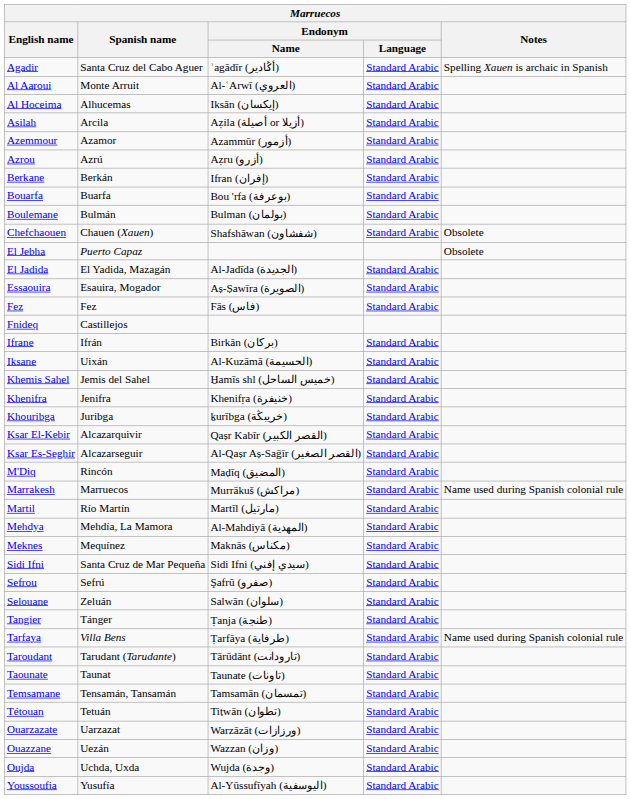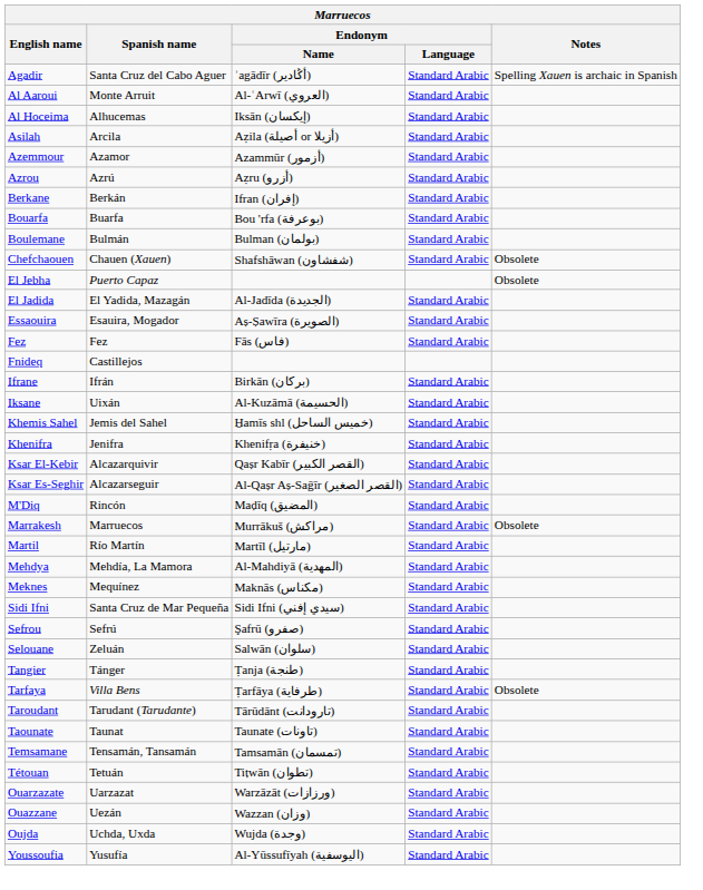 <table class="wikitable sortable">
 <tr>
 <th colspan="5"> <em>Marruecos</em></th>
 </tr>
 <tr>
 <th rowspan="2">English name</th>
 <th rowspan="2">Spanish name</th>
 <th colspan="2">Endonym</th>
 <th rowspan="2">Notes</th>
 </tr>
 <tr>
 <th>Name</th>
 <th>Language</th>
 </tr>
 <tr>
 <td><a href='#'>Agadir</a></td>
 <td>Santa Cruz del Cabo Aguer</td>
 <td>ʾagādīr (أݣادير)</td>
 <td><a href='#'>Standard Arabic</a></td>
 <td>Spelling <em>Xauen</em> is archaic in Spanish</td>
 </tr>
 <tr>
 <td><a href='#'>Al Aaroui</a></td>
 <td>Monte Arruit</td>
 <td>Al-ʿArwī (العروي)</td>
 <td><a href='#'>Standard Arabic</a></td>
 <td></td>
 </tr>
 <tr>
 <td><a href='#'>Al Hoceima</a></td>
 <td>Alhucemas</td>
 <td>Iksān (إيكسان)</td>
 <td><a href='#'>Standard Arabic</a></td>
 <td></td>
 </tr>
 <tr>
 <td><a href='#'>Asilah</a></td>
 <td>Arcila</td>
 <td>Aẓila (أصيلة‎ or أزيلا)</td>
 <td><a href='#'>Standard Arabic</a></td>
 <td></td>
 </tr>
 <tr>
 <td><a href='#'>Azemmour</a></td>
 <td>Azamor</td>
 <td>Azammūr (أزمور)</td>
 <td><a href='#'>Standard Arabic</a></td>
 <td></td>
 </tr>
 <tr>
 <td><a href='#'>Azrou</a></td>
 <td>Azrú</td>
 <td>Aẓru (أزرو)</td>
 <td><a href='#'>Standard Arabic</a></td>
 <td></td>
 </tr>
 <tr>
 <td><a href='#'>Berkane</a></td>
 <td>Berkán</td>
 <td>Ifran (إفران)</td>
 <td><a href='#'>Standard Arabic</a></td>
 <td></td>
 </tr>
 <tr>
 <td><a href='#'>Bouarfa</a></td>
 <td>Buarfa</td>
 <td>Bou 'rfa (بوعرفة)</td>
 <td><a href='#'>Standard Arabic</a></td>
 <td></td>
 </tr>
 <tr>
 <td><a href='#'>Boulemane</a></td>
 <td>Bulmán</td>
 <td>Bulman (بولمان)</td>
 <td><a href='#'>Standard Arabic</a></td>
 <td></td>
 </tr>
 <tr>
 <td><a href='#'>Chefchaouen</a></td>
 <td>Chauen (<em>Xauen</em>)</td>
 <td>Shafshāwan (شفشاون‎)</td>
 <td><a href='#'>Standard Arabic</a></td>
 <td>Obsolete</td>
 </tr>
 <tr>
 <td><a href='#'>El Jebha</a></td>
 <td><em>Puerto Capaz</em></td>
 <td></td>
 <td></td>
 <td>Obsolete</td>
 </tr>
 <tr>
 <td><a href='#'>El Jadida</a></td>
 <td>El Yadida, Mazagán</td>
 <td>Al-Jadīda (الجديدة)</td>
 <td><a href='#'>Standard Arabic</a></td>
 <td></td>
 </tr>
 <tr>
 <td><a href='#'>Essaouira</a></td>
 <td>Esauira, Mogador</td>
 <td>Aṣ-Ṣawīra (الصويرة)</td>
 <td><a href='#'>Standard Arabic</a></td>
 <td></td>
 </tr>
 <tr>
 <td><a href='#'>Fez</a></td>
 <td>Fez</td>
 <td>Fās (فاس‎)</td>
 <td><a href='#'>Standard Arabic</a></td>
 <td></td>
 </tr>
 <tr>
 <td><a href='#'>Fnideq</a></td>
 <td>Castillejos</td>
 <td></td>
 <td></td>
 <td></td>
 </tr>
 <tr>
 <td><a href='#'>Ifrane</a></td>
 <td>Ifrán</td>
 <td>Birkān (بركان)</td>
 <td><a href='#'>Standard Arabic</a></td>
 <td></td>
 </tr>
 <tr>
 <td><a href='#'>Iksane</a></td>
 <td>Uixán</td>
 <td>Al-Kuzāmā (الحسيمة)</td>
 <td><a href='#'>Standard Arabic</a></td>
 <td></td>
 </tr>
 <tr>
 <td><a href='#'>Khemis Sahel</a></td>
 <td>Jemis del Sahel</td>
 <td>H̱amīs shl (خميس الساحل)</td>
 <td><a href='#'>Standard Arabic</a></td>
 <td></td>
 </tr>
 <tr>
 <td><a href='#'>Khenifra</a></td>
 <td>Jenifra</td>
 <td>Khenifṛa (خنيفرة)</td>
 <td><a href='#'>Standard Arabic</a></td>
 <td></td>
 </tr>
 <tr>
-<td><a href='#'>Khouribga</a></td>
-<td>Juribga</td>
-<td>ḵurībga (خريبڭة)</td>
-<td><a href='#'>Standard Arabic</a></td>
-<td></td>
-</tr>
-<tr>
 <td><a href='#'>Ksar El-Kebir</a></td>
 <td>Alcazarquivir</td>
 <td>Qaṣr Kabīr (القصر الكبير)</td>
 <td><a href='#'>Standard Arabic</a></td>
 <td></td>
 </tr>
 <tr>
 <td><a href='#'>Ksar Es-Seghir</a></td>
 <td>Alcazarseguir</td>
 <td>Al-Qaṣr Aṣ-Saḡīr (القصر الصغير)</td>
 <td><a href='#'>Standard Arabic</a></td>
 <td></td>
 </tr>
 <tr>
 <td><a href='#'>M'Diq</a></td>
 <td>Rincón</td>
 <td>Maḍīq (المضيق‎)</td>
 <td><a href='#'>Standard Arabic</a></td>
 <td></td>
 </tr>
 <tr>
 <td><a href='#'>Marrakesh</a></td>
 <td>Marruecos</td>
 <td>Murrākuš (مراكش)</td>
 <td><a href='#'>Standard Arabic</a></td>
-<td>Name used during Spanish colonial rule</td>
+<td>Obsolete</td>
 </tr>
 <tr>
 <td><a href='#'>Martil</a></td>
 <td>Río Martín</td>
 <td>Martīl (مارتيل)</td>
 <td><a href='#'>Standard Arabic</a></td>
 <td></td>
 </tr>
 <tr>
 <td><a href='#'>Mehdya</a></td>
 <td>Mehdía, La Mamora</td>
 <td>Al-Mahdiyā (المهدية)</td>
 <td><a href='#'>Standard Arabic</a></td>
 <td></td>
 </tr>
 <tr>
 <td><a href='#'>Meknes</a></td>
 <td>Mequínez</td>
 <td>Maknās (مكناس)</td>
 <td><a href='#'>Standard Arabic</a></td>
 <td></td>
 </tr>
 <tr>
 <td><a href='#'>Sidi Ifni</a></td>
 <td>Santa Cruz de Mar Pequeña</td>
 <td>Sidi Ifni (سيدي إفني)</td>
 <td><a href='#'>Standard Arabic</a></td>
 <td></td>
 </tr>
 <tr>
 <td><a href='#'>Sefrou</a></td>
 <td>Sefrú</td>
 <td>Şafrū (صفرو)</td>
 <td><a href='#'>Standard Arabic</a></td>
 <td></td>
 </tr>
 <tr>
 <td><a href='#'>Selouane</a></td>
 <td>Zeluán</td>
 <td>Salwān (سلوان)</td>
 <td><a href='#'>Standard Arabic</a></td>
 <td></td>
 </tr>
 <tr>
 <td><a href='#'>Tangier</a></td>
 <td>Tánger</td>
 <td>Ṭanja (طنجة‎)</td>
 <td><a href='#'>Standard Arabic</a></td>
 <td></td>
 </tr>
 <tr>
 <td><a href='#'>Tarfaya</a></td>
 <td><em>Villa Bens</em></td>
 <td>Ṭarfāya (طرفاية)</td>
 <td><a href='#'>Standard Arabic</a></td>
-<td>Name used during Spanish colonial rule</td>
+<td>Obsolete</td>
 </tr>
 <tr>
 <td><a href='#'>Taroudant</a></td>
 <td>Tarudant (<em>Tarudante</em>)</td>
 <td>Tārūdānt (تارودانت)</td>
 <td><a href='#'>Standard Arabic</a></td>
 <td></td>
 </tr>
 <tr>
 <td><a href='#'>Taounate</a></td>
 <td>Taunat</td>
 <td>Taunate (تاونات)</td>
 <td><a href='#'>Standard Arabic</a></td>
 <td></td>
 </tr>
 <tr>
 <td><a href='#'>Temsamane</a></td>
 <td>Tensamán, Tansamán</td>
 <td>Tamsamān (تمسمان)</td>
 <td><a href='#'>Standard Arabic</a></td>
 <td></td>
 </tr>
 <tr>
 <td><a href='#'>Tétouan</a></td>
 <td>Tetuán</td>
 <td>Tiṭwān (تطوان‎)</td>
 <td><a href='#'>Standard Arabic</a></td>
 <td></td>
 </tr>
 <tr>
 <td><a href='#'>Ouarzazate</a></td>
 <td>Uarzazat</td>
 <td>Warzāzāt (‎ورزازات‎)</td>
 <td><a href='#'>Standard Arabic</a></td>
 <td></td>
 </tr>
 <tr>
 <td><a href='#'>Ouazzane</a></td>
 <td>Uezán</td>
 <td>Wazzan (وزان)</td>
 <td><a href='#'>Standard Arabic</a></td>
 <td></td>
 </tr>
 <tr>
 <td><a href='#'>Oujda</a></td>
 <td>Uchda, Uxda</td>
 <td>Wujda (وجدة)</td>
 <td><a href='#'>Standard Arabic</a></td>
 <td></td>
 </tr>
 <tr>
 <td><a href='#'>Youssoufia</a></td>
 <td>Yusufía</td>
 <td>Al-Yūssufīyah (اليوسفية)</td>
 <td><a href='#'>Standard Arabic</a></td>
 <td></td>
 </tr>
 </table>
